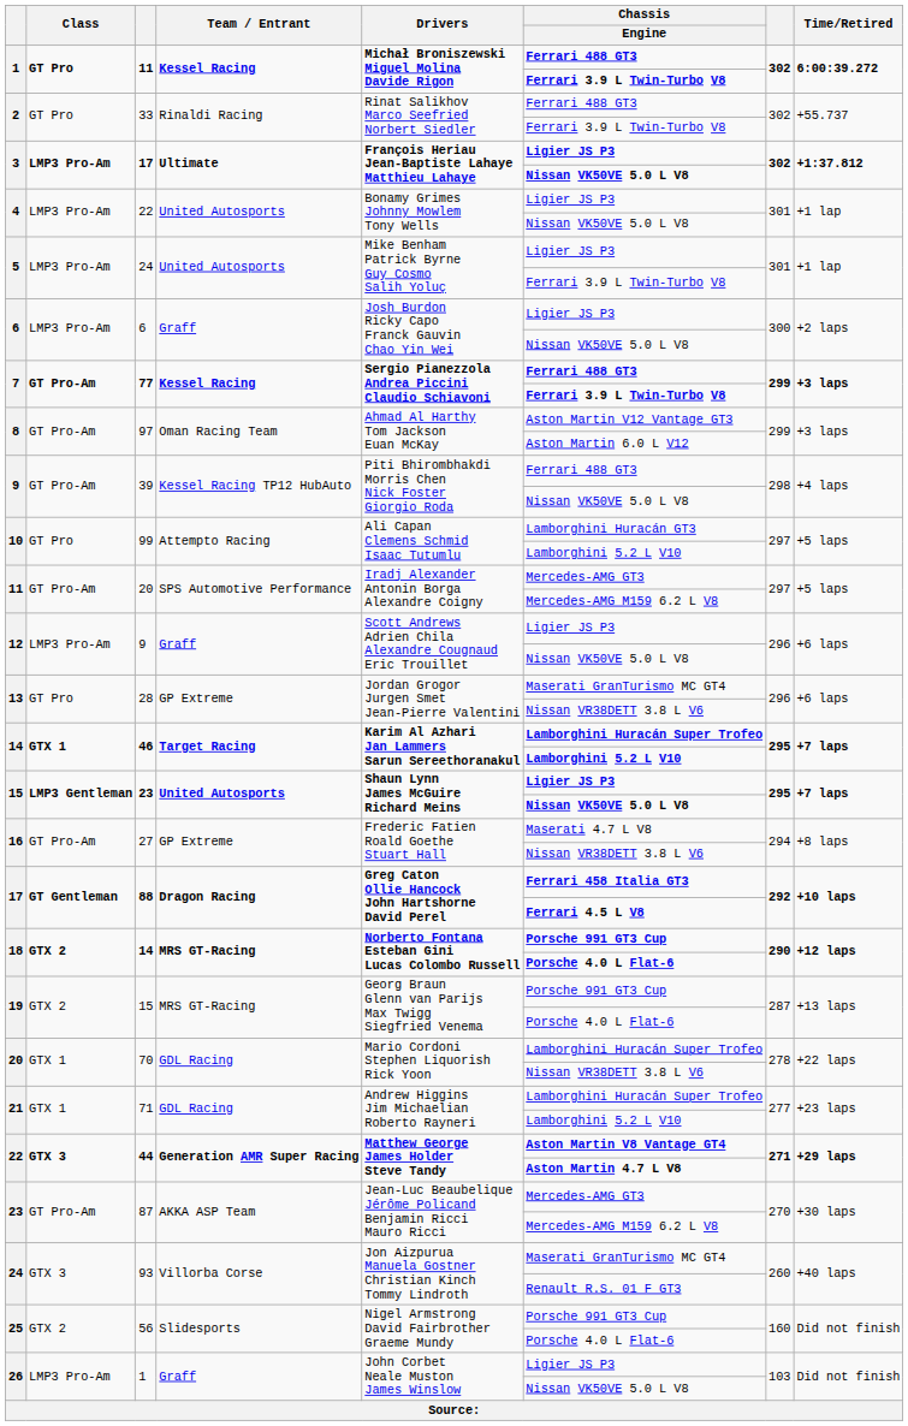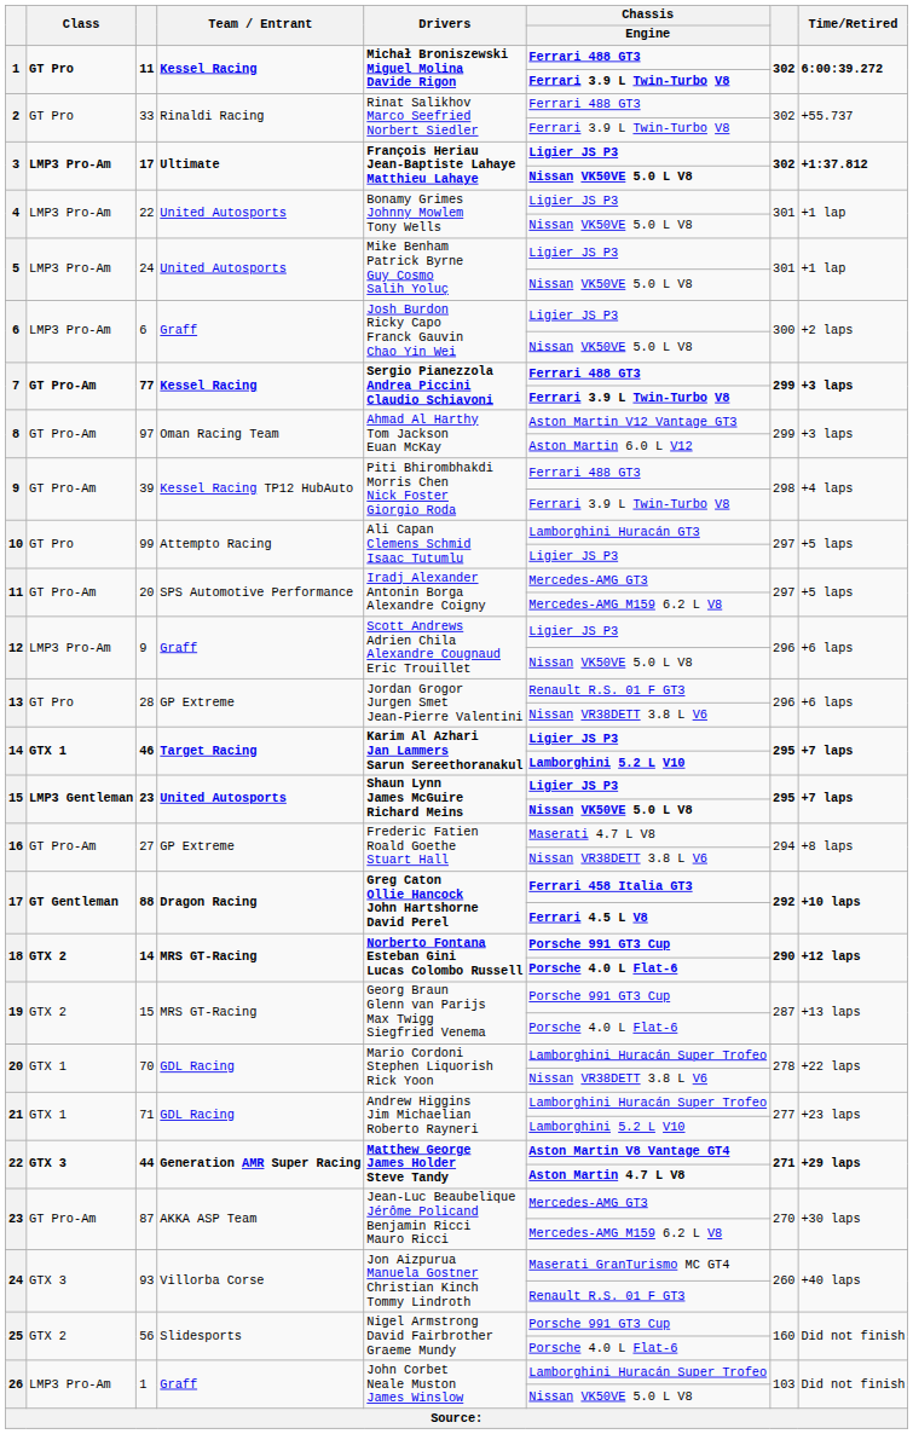 <table class="wikitable" style="font-size: 95%;">
 <tr>
 <th rowspan="2"></th>
 <th rowspan="2">Class</th>
 <th rowspan="2" class="unsortable"></th>
 <th rowspan="2" class="unsortable">Team / Entrant</th>
 <th rowspan="2" class="unsortable">Drivers</th>
 <th scope="col" class="unsortable">Chassis</th>
 <th rowspan="2" class="unsortable"></th>
 <th rowspan="2" class="unsortable">Time/Retired</th>
 </tr>
 <tr>
 <th>Engine</th>
 </tr>
 <tr style="font-weight:bold">
 <th rowspan=2>1</th>
 <td rowspan=2>GT Pro</td>
 <td rowspan=2>11</td>
 <td rowspan=2> <a href='#'>Kessel Racing</a></td>
 <td rowspan=2> Michał Broniszewski<br> <a href='#'>Miguel Molina</a><br> <a href='#'>Davide Rigon</a></td>
 <td><a href='#'>Ferrari 488 GT3</a></td>
 <td rowspan=2>302</td>
 <td rowspan=2>6:00:39.272</td>
 </tr>
 <tr style="font-weight:bold">
 <td><a href='#'>Ferrari</a> 3.9 L <a href='#'>Twin-Turbo</a> <a href='#'>V8</a></td>
 </tr>
 <tr>
 <th rowspan=2>2</th>
 <td rowspan=2>GT Pro</td>
 <td rowspan=2>33</td>
 <td rowspan=2> Rinaldi Racing</td>
 <td rowspan=2> Rinat Salikhov<br> <a href='#'>Marco Seefried</a><br> <a href='#'>Norbert Siedler</a></td>
 <td><a href='#'>Ferrari 488 GT3</a></td>
 <td rowspan=2>302</td>
 <td rowspan=2>+55.737</td>
 </tr>
 <tr>
 <td><a href='#'>Ferrari</a> 3.9 L <a href='#'>Twin-Turbo</a> <a href='#'>V8</a></td>
 </tr>
 <tr style="font-weight:bold">
 <th rowspan=2>3</th>
 <td rowspan=2>LMP3 Pro-Am</td>
 <td rowspan=2>17</td>
 <td rowspan=2> Ultimate</td>
 <td rowspan=2> François Heriau<br> Jean-Baptiste Lahaye<br> <a href='#'>Matthieu Lahaye</a></td>
 <td><a href='#'>Ligier JS P3</a></td>
 <td rowspan=2>302</td>
 <td rowspan=2>+1:37.812</td>
 </tr>
 <tr style="font-weight:bold">
 <td><a href='#'>Nissan</a> <a href='#'>VK50VE</a> 5.0 L V8</td>
 </tr>
 <tr>
 <th rowspan=2>4</th>
 <td rowspan=2>LMP3 Pro-Am</td>
 <td rowspan=2>22</td>
 <td rowspan=2> <a href='#'>United Autosports</a></td>
 <td rowspan=2> Bonamy Grimes<br> <a href='#'>Johnny Mowlem</a><br> Tony Wells</td>
 <td><a href='#'>Ligier JS P3</a></td>
 <td rowspan=2>301</td>
 <td rowspan=2>+1 lap</td>
 </tr>
 <tr>
 <td><a href='#'>Nissan</a> <a href='#'>VK50VE</a> 5.0 L V8</td>
 </tr>
 <tr>
 <th rowspan=2>5</th>
 <td rowspan=2>LMP3 Pro-Am</td>
 <td rowspan=2>24</td>
 <td rowspan=2> <a href='#'>United Autosports</a></td>
 <td rowspan=2> Mike Benham<br> Patrick Byrne<br> <a href='#'>Guy Cosmo</a><br> <a href='#'>Salih Yoluç</a></td>
 <td><a href='#'>Ligier JS P3</a></td>
 <td rowspan=2>301</td>
 <td rowspan=2>+1 lap</td>
 </tr>
 <tr>
-<td><a href='#'>Ferrari</a> 3.9 L <a href='#'>Twin-Turbo</a> <a href='#'>V8</a></td>
+<td><a href='#'>Nissan</a> <a href='#'>VK50VE</a> 5.0 L V8</td>
 </tr>
 <tr>
 <th rowspan=2>6</th>
 <td rowspan=2>LMP3 Pro-Am</td>
 <td rowspan=2>6</td>
 <td rowspan=2> <a href='#'>Graff</a></td>
 <td rowspan=2> <a href='#'>Josh Burdon</a><br> Ricky Capo<br> Franck Gauvin<br> <a href='#'>Chao Yin Wei</a></td>
 <td><a href='#'>Ligier JS P3</a></td>
 <td rowspan=2>300</td>
 <td rowspan=2>+2 laps</td>
 </tr>
 <tr>
 <td><a href='#'>Nissan</a> <a href='#'>VK50VE</a> 5.0 L V8</td>
 </tr>
 <tr style="font-weight:bold">
 <th rowspan=2>7</th>
 <td rowspan=2>GT Pro-Am</td>
 <td rowspan=2>77</td>
 <td rowspan=2> <a href='#'>Kessel Racing</a></td>
 <td rowspan=2> Sergio Pianezzola<br> <a href='#'>Andrea Piccini</a><br> <a href='#'>Claudio Schiavoni</a></td>
 <td><a href='#'>Ferrari 488 GT3</a></td>
 <td rowspan=2>299</td>
 <td rowspan=2>+3 laps</td>
 </tr>
 <tr style="font-weight:bold">
 <td><a href='#'>Ferrari</a> 3.9 L <a href='#'>Twin-Turbo</a> <a href='#'>V8</a></td>
 </tr>
 <tr>
 <th rowspan=2>8</th>
 <td rowspan=2>GT Pro-Am</td>
 <td rowspan=2>97</td>
 <td rowspan=2> Oman Racing Team</td>
 <td rowspan=2> <a href='#'>Ahmad Al Harthy</a><br> Tom Jackson<br> Euan McKay</td>
 <td><a href='#'>Aston Martin V12 Vantage GT3</a></td>
 <td rowspan=2>299</td>
 <td rowspan=2>+3 laps</td>
 </tr>
 <tr>
 <td><a href='#'>Aston Martin</a> 6.0 L <a href='#'>V12</a></td>
 </tr>
 <tr>
 <th rowspan=2>9</th>
 <td rowspan=2>GT Pro-Am</td>
 <td rowspan=2>39</td>
 <td rowspan=2> <a href='#'>Kessel Racing</a> TP12 HubAuto</td>
 <td rowspan=2> Piti Bhirombhakdi<br> Morris Chen<br> <a href='#'>Nick Foster</a><br> <a href='#'>Giorgio Roda</a></td>
 <td><a href='#'>Ferrari 488 GT3</a></td>
 <td rowspan=2>298</td>
 <td rowspan=2>+4 laps</td>
 </tr>
 <tr>
-<td><a href='#'>Nissan</a> <a href='#'>VK50VE</a> 5.0 L V8</td>
+<td><a href='#'>Ferrari</a> 3.9 L <a href='#'>Twin-Turbo</a> <a href='#'>V8</a></td>
 </tr>
 <tr>
 <th rowspan=2>10</th>
 <td rowspan=2>GT Pro</td>
 <td rowspan=2>99</td>
 <td rowspan=2> Attempto Racing</td>
 <td rowspan=2> Ali Capan<br> <a href='#'>Clemens Schmid</a><br> <a href='#'>Isaac Tutumlu</a></td>
 <td><a href='#'>Lamborghini Huracán GT3</a></td>
 <td rowspan=2>297</td>
 <td rowspan=2>+5 laps</td>
 </tr>
 <tr>
-<td><a href='#'>Lamborghini</a> <a href='#'>5.2 L</a> <a href='#'>V10</a></td>
+<td><a href='#'>Ligier JS P3</a></td>
 </tr>
 <tr>
 <th rowspan=2>11</th>
 <td rowspan=2>GT Pro-Am</td>
 <td rowspan=2>20</td>
 <td rowspan=2> SPS Automotive Performance</td>
 <td rowspan=2> <a href='#'>Iradj Alexander</a><br> Antonin Borga<br> Alexandre Coigny</td>
 <td><a href='#'>Mercedes-AMG GT3</a></td>
 <td rowspan=2>297</td>
 <td rowspan=2>+5 laps</td>
 </tr>
 <tr>
 <td><a href='#'>Mercedes-AMG M159</a> 6.2 L <a href='#'>V8</a></td>
 </tr>
 <tr>
 <th rowspan=2>12</th>
 <td rowspan=2>LMP3 Pro-Am</td>
 <td rowspan=2>9</td>
 <td rowspan=2> <a href='#'>Graff</a></td>
 <td rowspan=2> <a href='#'>Scott Andrews</a><br> Adrien Chila<br> <a href='#'>Alexandre Cougnaud</a><br> Eric Trouillet</td>
 <td><a href='#'>Ligier JS P3</a></td>
 <td rowspan=2>296</td>
 <td rowspan=2>+6 laps</td>
 </tr>
 <tr>
 <td><a href='#'>Nissan</a> <a href='#'>VK50VE</a> 5.0 L V8</td>
 </tr>
 <tr>
 <th rowspan=2>13</th>
 <td rowspan=2>GT Pro</td>
 <td rowspan=2>28</td>
 <td rowspan=2> GP Extreme</td>
 <td rowspan=2> Jordan Grogor<br> Jurgen Smet<br> Jean-Pierre Valentini</td>
-<td><a href='#'>Maserati GranTurismo</a> MC GT4</td>
+<td><a href='#'>Renault R.S. 01 F GT3</a></td>
 <td rowspan=2>296</td>
 <td rowspan=2>+6 laps</td>
 </tr>
 <tr>
 <td><a href='#'>Nissan</a> <a href='#'>VR38DETT</a> 3.8 L <a href='#'>V6</a></td>
 </tr>
 <tr style="font-weight:bold">
 <th rowspan=2>14</th>
 <td rowspan=2>GTX 1</td>
 <td rowspan=2>46</td>
 <td rowspan=2> <a href='#'>Target Racing</a></td>
 <td rowspan=2> Karim Al Azhari<br> <a href='#'>Jan Lammers</a><br> Sarun Sereethoranakul</td>
-<td><a href='#'>Lamborghini Huracán Super Trofeo</a></td>
+<td><a href='#'>Ligier JS P3</a></td>
 <td rowspan=2>295</td>
 <td rowspan=2>+7 laps</td>
 </tr>
 <tr style="font-weight:bold">
 <td><a href='#'>Lamborghini</a> <a href='#'>5.2 L</a> <a href='#'>V10</a></td>
 </tr>
 <tr style="font-weight:bold">
 <th rowspan=2>15</th>
 <td rowspan=2>LMP3 Gentleman</td>
 <td rowspan=2>23</td>
 <td rowspan=2> <a href='#'>United Autosports</a></td>
 <td rowspan=2> Shaun Lynn<br> James McGuire<br> Richard Meins</td>
 <td><a href='#'>Ligier JS P3</a></td>
 <td rowspan=2>295</td>
 <td rowspan=2>+7 laps</td>
 </tr>
 <tr style="font-weight:bold">
 <td><a href='#'>Nissan</a> <a href='#'>VK50VE</a> 5.0 L V8</td>
 </tr>
 <tr>
 <th rowspan=2>16</th>
 <td rowspan=2>GT Pro-Am</td>
 <td rowspan=2>27</td>
 <td rowspan=2> GP Extreme</td>
 <td rowspan=2> Frederic Fatien<br> Roald Goethe<br> <a href='#'>Stuart Hall</a></td>
 <td><a href='#'>Maserati</a> 4.7 L V8</td>
 <td rowspan=2>294</td>
 <td rowspan=2>+8 laps</td>
 </tr>
 <tr>
 <td><a href='#'>Nissan</a> <a href='#'>VR38DETT</a> 3.8 L <a href='#'>V6</a></td>
 </tr>
 <tr style="font-weight:bold">
 <th rowspan=2>17</th>
 <td rowspan=2>GT Gentleman</td>
 <td rowspan=2>88</td>
 <td rowspan=2> Dragon Racing</td>
 <td rowspan=2> Greg Caton<br> <a href='#'>Ollie Hancock</a><br> John Hartshorne<br> David Perel</td>
 <td><a href='#'>Ferrari 458 Italia GT3</a></td>
 <td rowspan=2>292</td>
 <td rowspan=2>+10 laps</td>
 </tr>
 <tr style="font-weight:bold">
 <td><a href='#'>Ferrari</a> 4.5 L <a href='#'>V8</a></td>
 </tr>
 <tr style="font-weight:bold">
 <th rowspan=2>18</th>
 <td rowspan=2>GTX 2</td>
 <td rowspan=2>14</td>
 <td rowspan=2> MRS GT-Racing</td>
 <td rowspan=2> <a href='#'>Norberto Fontana</a><br> Esteban Gini<br> Lucas Colombo Russell</td>
 <td><a href='#'>Porsche 991 GT3 Cup</a></td>
 <td rowspan=2>290</td>
 <td rowspan=2>+12 laps</td>
 </tr>
 <tr style="font-weight:bold">
 <td><a href='#'>Porsche</a> 4.0 L <a href='#'>Flat-6</a></td>
 </tr>
 <tr>
 <th rowspan=2>19</th>
 <td rowspan=2>GTX 2</td>
 <td rowspan=2>15</td>
 <td rowspan=2> MRS GT-Racing</td>
 <td rowspan=2> Georg Braun<br> Glenn van Parijs<br> Max Twigg<br> Siegfried Venema</td>
 <td><a href='#'>Porsche 991 GT3 Cup</a></td>
 <td rowspan=2>287</td>
 <td rowspan=2>+13 laps</td>
 </tr>
 <tr>
 <td><a href='#'>Porsche</a> 4.0 L <a href='#'>Flat-6</a></td>
 </tr>
 <tr>
 <th rowspan=2>20</th>
 <td rowspan=2>GTX 1</td>
 <td rowspan=2>70</td>
 <td rowspan=2> <a href='#'>GDL Racing</a></td>
 <td rowspan=2> Mario Cordoni<br> Stephen Liquorish<br> Rick Yoon</td>
 <td><a href='#'>Lamborghini Huracán Super Trofeo</a></td>
 <td rowspan=2>278</td>
 <td rowspan=2>+22 laps</td>
 </tr>
 <tr>
 <td><a href='#'>Nissan</a> <a href='#'>VR38DETT</a> 3.8 L <a href='#'>V6</a></td>
 </tr>
 <tr>
 <th rowspan=2>21</th>
 <td rowspan=2>GTX 1</td>
 <td rowspan=2>71</td>
 <td rowspan=2> <a href='#'>GDL Racing</a></td>
 <td rowspan=2> Andrew Higgins<br> Jim Michaelian<br> Roberto Rayneri</td>
 <td><a href='#'>Lamborghini Huracán Super Trofeo</a></td>
 <td rowspan=2>277</td>
 <td rowspan=2>+23 laps</td>
 </tr>
 <tr>
 <td><a href='#'>Lamborghini</a> <a href='#'>5.2 L</a> <a href='#'>V10</a></td>
 </tr>
 <tr style="font-weight:bold">
 <th rowspan=2>22</th>
 <td rowspan=2>GTX 3</td>
 <td rowspan=2>44</td>
 <td rowspan=2> Generation <a href='#'>AMR</a> Super Racing</td>
 <td rowspan=2> <a href='#'>Matthew George</a><br> <a href='#'>James Holder</a><br> Steve Tandy</td>
 <td><a href='#'>Aston Martin V8 Vantage GT4</a></td>
 <td rowspan=2>271</td>
 <td rowspan=2>+29 laps</td>
 </tr>
 <tr style="font-weight:bold">
 <td><a href='#'>Aston Martin</a> 4.7 L V8</td>
 </tr>
 <tr>
 <th rowspan=2>23</th>
 <td rowspan=2>GT Pro-Am</td>
 <td rowspan=2>87</td>
 <td rowspan=2> AKKA ASP Team</td>
 <td rowspan=2> Jean-Luc Beaubelique<br> <a href='#'>Jérôme Policand</a><br> Benjamin Ricci<br> Mauro Ricci</td>
 <td><a href='#'>Mercedes-AMG GT3</a></td>
 <td rowspan=2>270</td>
 <td rowspan=2>+30 laps</td>
 </tr>
 <tr>
 <td><a href='#'>Mercedes-AMG M159</a> 6.2 L <a href='#'>V8</a></td>
 </tr>
 <tr>
 <th rowspan=2>24</th>
 <td rowspan=2>GTX 3</td>
 <td rowspan=2>93</td>
 <td rowspan=2> Villorba Corse</td>
 <td rowspan=2> Jon Aizpurua<br> <a href='#'>Manuela Gostner</a><br> Christian Kinch<br> Tommy Lindroth</td>
 <td><a href='#'>Maserati GranTurismo</a> MC GT4</td>
 <td rowspan=2>260</td>
 <td rowspan=2>+40 laps</td>
 </tr>
 <tr>
 <td><a href='#'>Renault R.S. 01 F GT3</a></td>
 </tr>
 <tr>
 <th rowspan=2>25</th>
 <td rowspan=2>GTX 2</td>
 <td rowspan=2>56</td>
 <td rowspan=2> Slidesports</td>
 <td rowspan=2> Nigel Armstrong<br> David Fairbrother<br> Graeme Mundy</td>
 <td><a href='#'>Porsche 991 GT3 Cup</a></td>
 <td rowspan=2>160</td>
 <td rowspan=2>Did not finish</td>
 </tr>
 <tr>
 <td><a href='#'>Porsche</a> 4.0 L <a href='#'>Flat-6</a></td>
 </tr>
 <tr>
 <th rowspan=2>26</th>
 <td rowspan=2>LMP3 Pro-Am</td>
 <td rowspan=2>1</td>
 <td rowspan=2> <a href='#'>Graff</a></td>
 <td rowspan=2> John Corbet<br> Neale Muston<br> <a href='#'>James Winslow</a></td>
-<td><a href='#'>Ligier JS P3</a></td>
+<td><a href='#'>Lamborghini Huracán Super Trofeo</a></td>
 <td rowspan=2>103</td>
 <td rowspan=2>Did not finish</td>
 </tr>
 <tr>
 <td><a href='#'>Nissan</a> <a href='#'>VK50VE</a> 5.0 L V8</td>
 </tr>
 <tr>
 <th colspan=8>Source:</th>
 </tr>
 </table>
